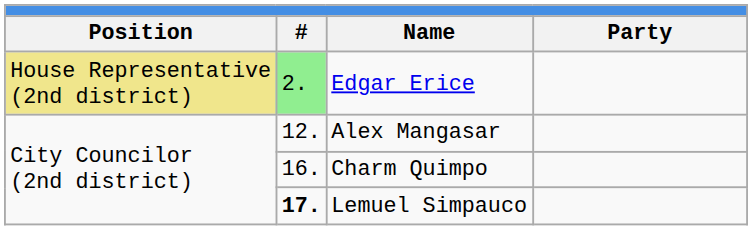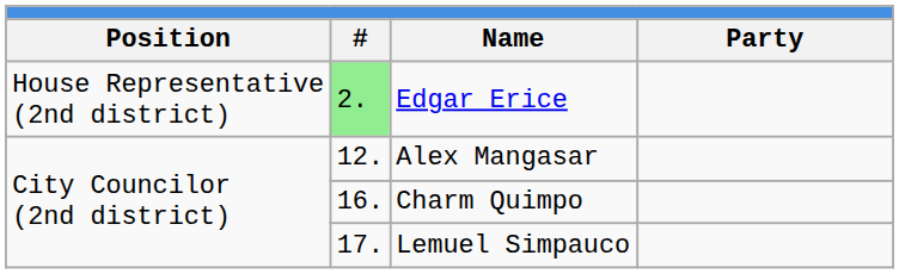 <table class="wikitable" style="font-size:90%">
 <tr>
 <td colspan="5" bgcolor="#448ee4"></td>
 </tr>
 <tr>
 <th>Position</th>
 <th>#</th>
 <th !width="150px">Name</th>
 <th colspan=2 width=110px>Party</th>
 </tr>
 <tr>
-<td style="background: khaki;">House Representative<br>(2nd district)</td>
+<td>House Representative<br>(2nd district)</td>
 <td style="background: lightgreen;">2.</td>
 <td><a href='#'>Edgar Erice</a></td>
 <td></td>
 </tr>
 <tr>
 <td rowspan="3">City Councilor<br>(2nd district)</td>
 <td>12.</td>
 <td>Alex Mangasar</td>
 <td></td>
 </tr>
 <tr>
 <td>16.</td>
 <td>Charm Quimpo</td>
 <td></td>
 </tr>
 <tr>
-<td><strong>17.</strong></td>
+<td>17.</td>
 <td>Lemuel Simpauco</td>
 <td></td>
 </tr>
 </table>
